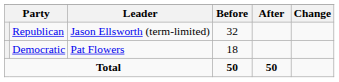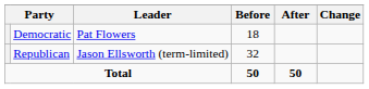 <table class="wikitable" style="text-align:center;">
 <tr>
 </tr>
 <tr>
 <th colspan="2">Party</th>
 <th>Leader</th>
 <th style="width:3em">Before</th>
 <th style="width:3em">After</th>
 <th style="width:3em">Change</th>
 </tr>
 <tr>
 <th style="background-color:"></th>
-<td style="text-align:left;"><a href='#'>Republican</a></td>
-<td style="text-align:left;"><a href='#'>Jason Ellsworth</a> (term-limited)</td>
-<td>32</td>
+<td style="text-align:left;"><a href='#'>Democratic</a></td>
+<td style="text-align:left;"><a href='#'>Pat Flowers</a></td>
+<td>18</td>
 <td></td>
 <td></td>
 </tr>
 <tr>
 <th style="background-color:"></th>
-<td style="text-align:left;"><a href='#'>Democratic</a></td>
-<td style="text-align:left;"><a href='#'>Pat Flowers</a></td>
-<td>18</td>
+<td style="text-align:left;"><a href='#'>Republican</a></td>
+<td style="text-align:left;"><a href='#'>Jason Ellsworth</a> (term-limited)</td>
+<td>32</td>
 <td></td>
 <td></td>
 </tr>
 <tr>
 <td colspan="3"><strong>Total</strong></td>
 <td><strong>50</strong></td>
 <td><strong>50</strong></td>
 <td></td>
 </tr>
 </table>
